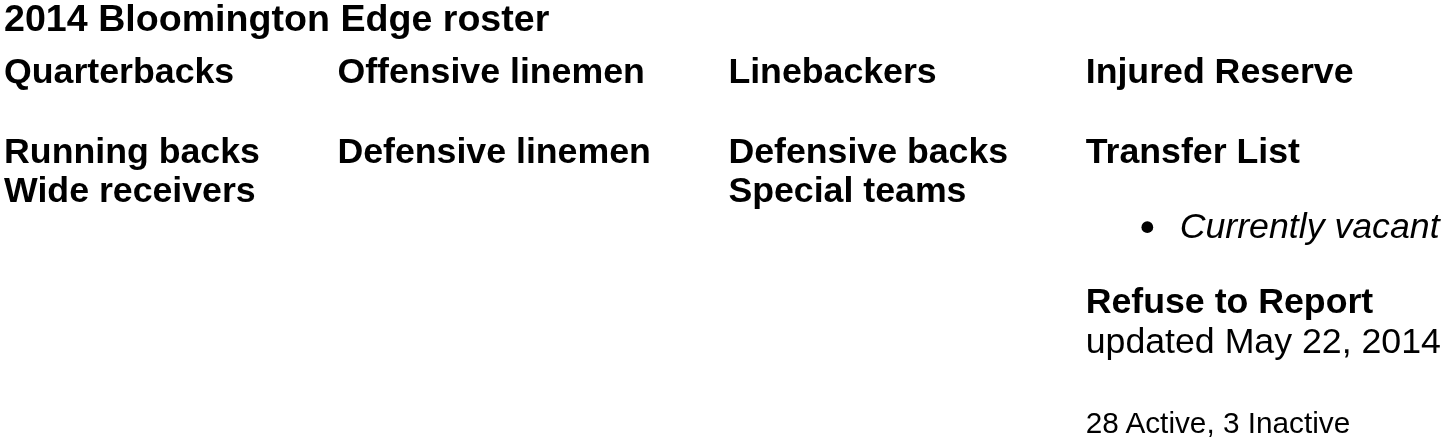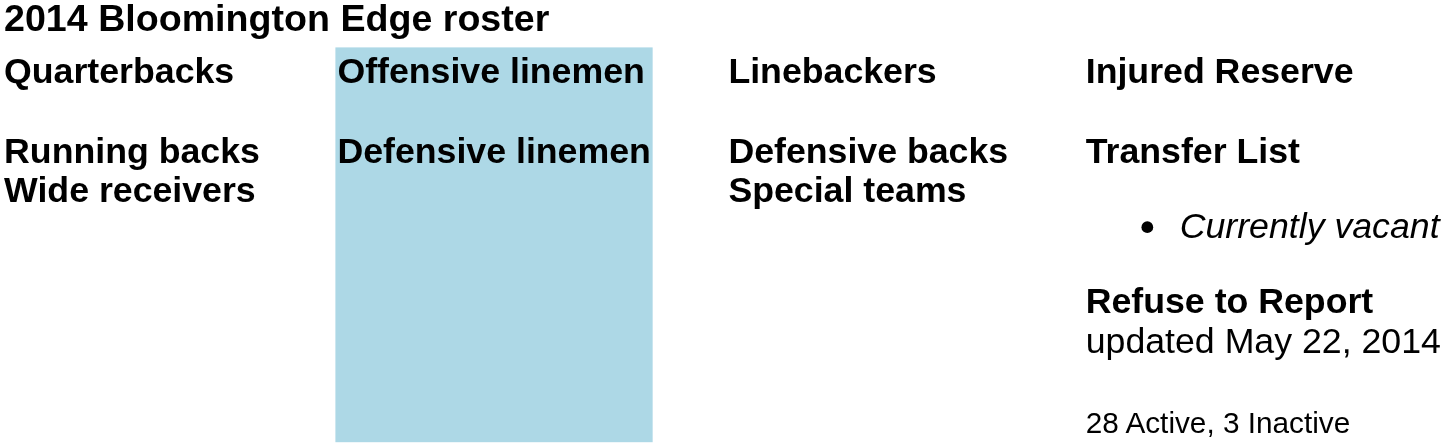 <table class="toccolours" style="text-align: left;">
 <tr>
 <th colspan=7><strong>2014 Bloomington Edge roster</strong></th>
 </tr>
 <tr>
 <td style="font-size: 95%;" valign="top"><strong>Quarterbacks</strong><br> <br><strong>Running backs</strong>   <br><strong>Wide receivers</strong>     </td>
 <td style="width: 25px;"></td>
-<td style="font-size: 95%;" valign="top"><strong>Offensive linemen</strong><br>   <br><strong>Defensive linemen</strong>      </td>
+<td style="background: lightblue; font-size: 95%;" valign="top"><strong>Offensive linemen</strong><br>   <br><strong>Defensive linemen</strong>      </td>
 <td style="width: 25px;"></td>
 <td style="font-size: 95%;" valign="top"><strong>Linebackers</strong><br><br><strong>Defensive backs</strong>      <br><strong>Special teams</strong> </td>
 <td style="width: 25px;"></td>
 <td style="font-size: 95%;" valign="top"><strong>Injured Reserve</strong><br> <br><strong>Transfer List</strong><ul><li><em>Currently vacant</em></li></ul><strong>Refuse to Report</strong> <br><span></span> updated May 22, 2014<br> <br> <small>28 Active, 3 Inactive</small></td>
 </tr>
 <tr>
 </tr>
 </table>
